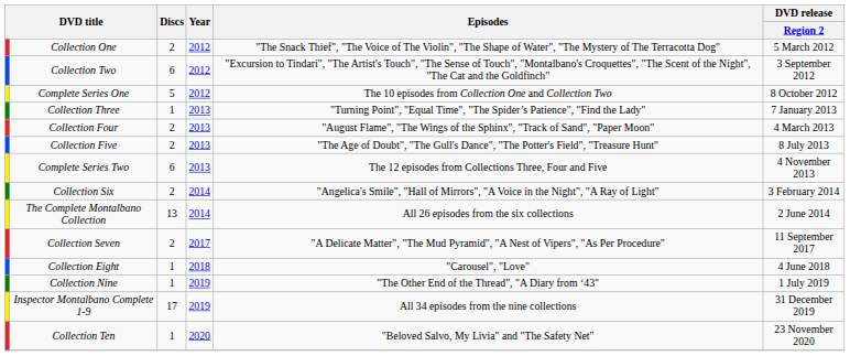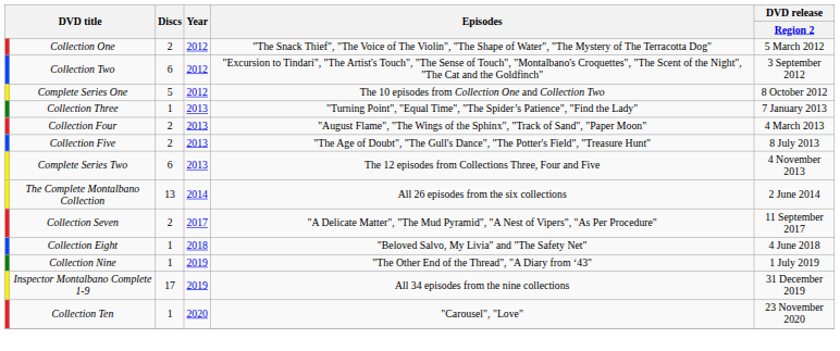 <table class="wikitable" width="99%"  style="left: 0 auto; text-align: center;">
 <tr>
 <th colspan="2" rowspan="2">DVD title</th>
 <th rowspan="2">Discs</th>
 <th rowspan="2">Year</th>
 <th rowspan="2">Episodes</th>
 <th colspan="1">DVD release</th>
 </tr>
 <tr>
 <th><a href='#'>Region 2</a></th>
 </tr>
 <tr>
 <td bgcolor="ED1C24"></td>
 <td><em>Collection One</em></td>
 <td>2</td>
 <td><a href='#'>2012</a></td>
 <td>"The Snack Thief", "The Voice of The Violin", "The Shape of Water", "The Mystery of The Terracotta Dog"</td>
 <td>5 March 2012</td>
 </tr>
 <tr>
 <td bgcolor="0247FE"></td>
 <td><em>Collection Two</em></td>
 <td>6</td>
 <td><a href='#'>2012</a></td>
 <td>"Excursion to Tindari", "The Artist's Touch", "The Sense of Touch", "Montalbano's Croquettes", "The Scent of the Night", "The Cat and the Goldfinch"</td>
 <td>3 September 2012</td>
 </tr>
 <tr>
 <td bgcolor="FFEF00"></td>
 <td><em>Complete Series One</em></td>
 <td>5</td>
 <td><a href='#'>2012</a></td>
 <td>The 10 episodes from <em>Collection One</em> and <em>Collection Two</em></td>
 <td>8 October 2012</td>
 </tr>
 <tr>
 <td bgcolor="008000"></td>
 <td><em>Collection Three</em></td>
 <td>1</td>
 <td><a href='#'>2013</a></td>
 <td>"Turning Point", "Equal Time", "The Spider’s Patience", "Find the Lady"</td>
 <td>7 January 2013</td>
 </tr>
 <tr>
 <td bgcolor="ED1C24"></td>
 <td><em>Collection Four</em></td>
 <td>2</td>
 <td><a href='#'>2013</a></td>
 <td>"August Flame", "The Wings of the Sphinx", "Track of Sand", "Paper Moon"</td>
 <td>4 March 2013</td>
 </tr>
 <tr>
 <td bgcolor="0247FE"></td>
 <td><em>Collection Five</em></td>
 <td>2</td>
 <td><a href='#'>2013</a></td>
 <td>"The Age of Doubt", "The Gull's Dance", "The Potter's Field", "Treasure Hunt"</td>
 <td>8 July 2013</td>
 </tr>
 <tr>
 <td bgcolor="FFEF00"></td>
 <td><em>Complete Series Two</em></td>
 <td>6</td>
 <td><a href='#'>2013</a></td>
 <td>The 12 episodes from Collections Three, Four and Five</td>
 <td>4 November 2013</td>
 </tr>
 <tr>
-<td bgcolor="008000"></td>
-<td><em>Collection Six</em></td>
-<td>2</td>
-<td><a href='#'>2014</a></td>
-<td>"Angelica's Smile", "Hall of Mirrors", "A Voice in the Night", "A Ray of Light"</td>
-<td>3 February 2014</td>
-</tr>
-<tr>
 <td bgcolor="FFEF00"></td>
 <td><em>The Complete Montalbano Collection</em></td>
 <td>13</td>
 <td><a href='#'>2014</a></td>
 <td>All 26 episodes from the six collections</td>
 <td>2 June 2014</td>
 </tr>
 <tr>
 <td bgcolor="ED1C24"></td>
 <td><em>Collection Seven</em></td>
 <td>2</td>
 <td><a href='#'>2017</a></td>
 <td>"A Delicate Matter", "The Mud Pyramid", "A Nest of Vipers", "As Per Procedure"</td>
 <td>11 September 2017</td>
 </tr>
 <tr>
 <td bgcolor="0247FE"></td>
 <td><em>Collection Eight</em></td>
 <td>1</td>
 <td><a href='#'>2018</a></td>
-<td>"Carousel", "Love"</td>
+<td>"Beloved Salvo, My Livia" and "The Safety Net"</td>
 <td>4 June 2018</td>
 </tr>
 <tr>
 <td bgcolor="008000"></td>
 <td><em>Collection Nine</em></td>
 <td>1</td>
 <td><a href='#'>2019</a></td>
 <td>"The Other End of the Thread", "A Diary from ‘43"</td>
 <td>1 July 2019</td>
 </tr>
 <tr>
 <td bgcolor="FFEF00"></td>
 <td><em>Inspector Montalbano Complete 1-9</em></td>
 <td>17</td>
 <td><a href='#'>2019</a></td>
 <td>All 34 episodes from the nine collections</td>
 <td>31 December 2019</td>
 </tr>
 <tr>
 <td bgcolor="ED1C24"></td>
 <td><em>Collection Ten</em></td>
 <td>1</td>
 <td><a href='#'>2020</a></td>
-<td>"Beloved Salvo, My Livia" and "The Safety Net"</td>
+<td>"Carousel", "Love"</td>
 <td>23 November 2020</td>
 </tr>
 <tr>
 </tr>
 </table>
